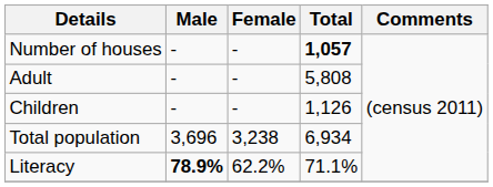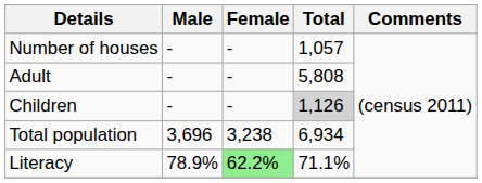 <table class="wikitable  sortable">
 <tr>
 <th>Details</th>
 <th>Male</th>
 <th>Female</th>
 <th>Total</th>
 <th>Comments</th>
 </tr>
 <tr>
 <td>Number of  houses</td>
 <td>-</td>
 <td>-</td>
-<td><strong>1,057</strong></td>
+<td>1,057</td>
 <td rowspan="5">(census  2011)</td>
 </tr>
 <tr>
 <td>Adult</td>
 <td>-</td>
 <td>-</td>
 <td>5,808</td>
 </tr>
 <tr>
 <td>Children</td>
 <td>-</td>
 <td>-</td>
-<td>1,126</td>
+<td style="background: lightgrey;">1,126</td>
 </tr>
 <tr>
 <td>Total population</td>
 <td>3,696</td>
 <td>3,238</td>
 <td>6,934</td>
 </tr>
 <tr>
 <td>Literacy</td>
-<td><strong>78.9%</strong></td>
-<td>62.2%</td>
+<td>78.9%</td>
+<td style="background: lightgreen;">62.2%</td>
 <td>71.1%</td>
 </tr>
 <tr>
 </tr>
 </table>
